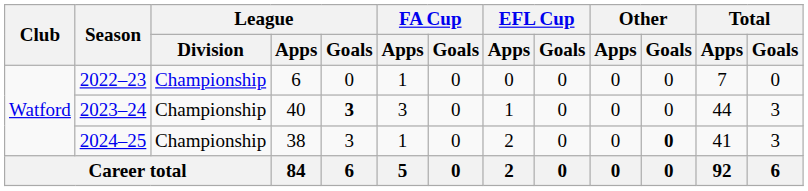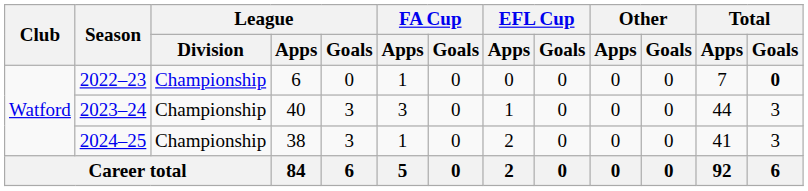 <table class=wikitable style=text-align:center>
 <tr>
 <th rowspan=2>Club</th>
 <th rowspan=2>Season</th>
 <th colspan=3>League</th>
 <th colspan=2><a href='#'>FA Cup</a></th>
 <th colspan=2><a href='#'>EFL Cup</a></th>
 <th colspan=2>Other</th>
 <th colspan=2>Total</th>
 </tr>
 <tr>
 <th>Division</th>
 <th>Apps</th>
 <th>Goals</th>
 <th>Apps</th>
 <th>Goals</th>
 <th>Apps</th>
 <th>Goals</th>
 <th>Apps</th>
 <th>Goals</th>
 <th>Apps</th>
 <th>Goals</th>
 </tr>
 <tr>
 <td rowspan="3"><a href='#'>Watford</a></td>
 <td><a href='#'>2022–23</a></td>
 <td><a href='#'>Championship</a></td>
 <td>6</td>
 <td>0</td>
 <td>1</td>
 <td>0</td>
 <td>0</td>
 <td>0</td>
 <td>0</td>
 <td>0</td>
 <td>7</td>
-<td>0</td>
+<td><strong>0</strong></td>
 </tr>
 <tr>
 <td><a href='#'>2023–24</a></td>
 <td>Championship</td>
 <td>40</td>
-<td><strong>3</strong></td>
+<td>3</td>
 <td>3</td>
 <td>0</td>
 <td>1</td>
 <td>0</td>
 <td>0</td>
 <td>0</td>
 <td>44</td>
 <td>3</td>
 </tr>
 <tr>
 <td><a href='#'>2024–25</a></td>
 <td>Championship</td>
 <td>38</td>
 <td>3</td>
 <td>1</td>
 <td>0</td>
 <td>2</td>
 <td>0</td>
 <td>0</td>
-<td><strong>0</strong></td>
+<td>0</td>
 <td>41</td>
 <td>3</td>
 </tr>
 <tr>
 <th colspan="3">Career total</th>
 <th>84</th>
 <th>6</th>
 <th>5</th>
 <th>0</th>
 <th>2</th>
 <th>0</th>
 <th>0</th>
 <th>0</th>
 <th>92</th>
 <th>6</th>
 </tr>
 </table>
